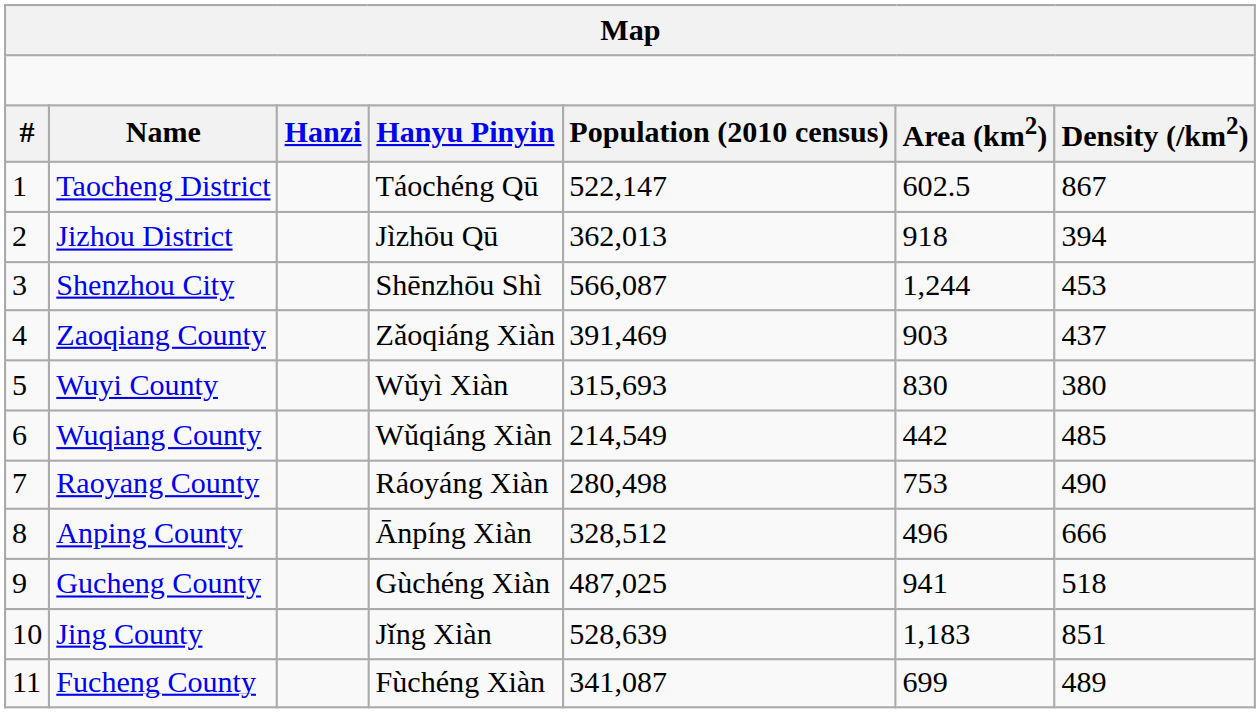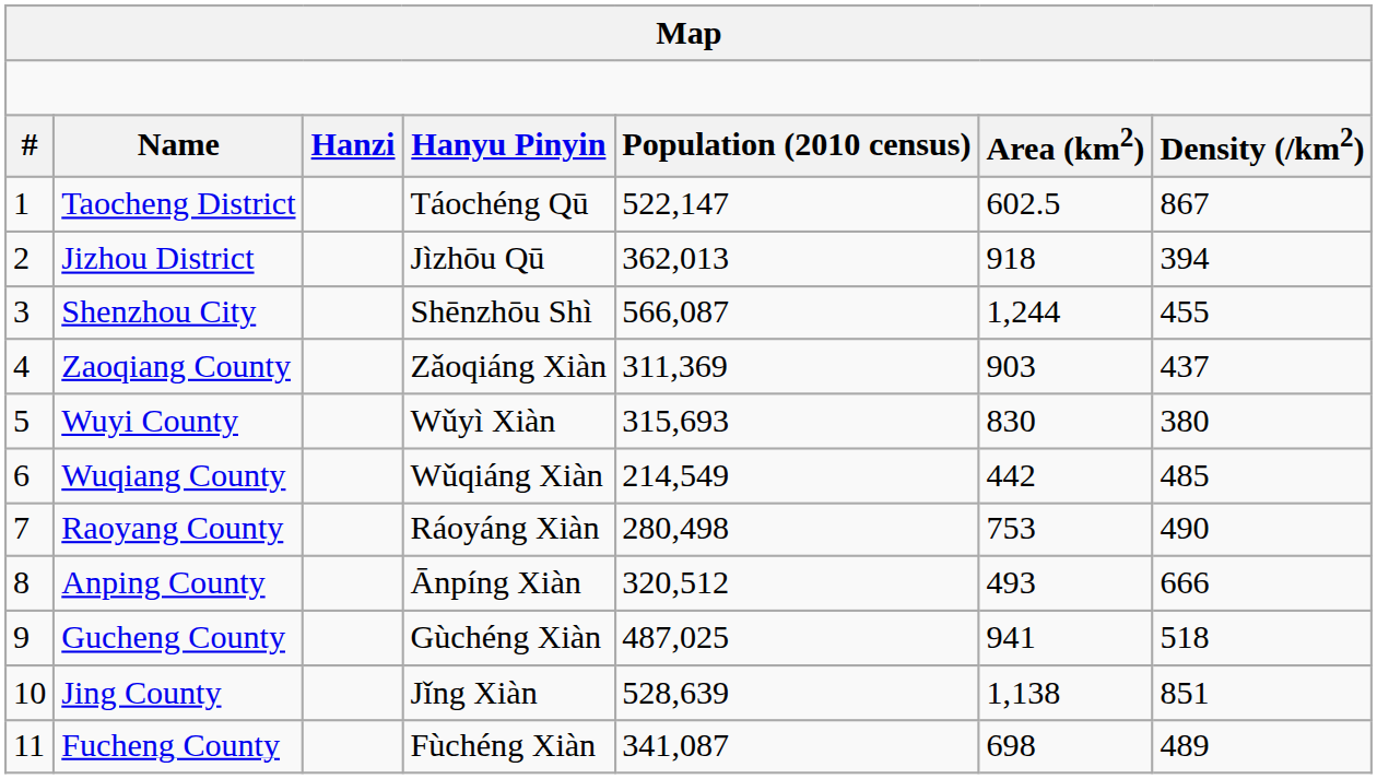 <table class="wikitable"  style="font-size:90%;" align=center>
 <tr>
 <th colspan="7" align="center">Map</th>
 </tr>
 <tr>
 <td colspan="7" align="center"><div><br>              </div></td>
 </tr>
 <tr>
 <th>#</th>
 <th>Name</th>
 <th><a href='#'>Hanzi</a></th>
 <th><a href='#'>Hanyu Pinyin</a></th>
 <th>Population (2010 census)</th>
 <th>Area (km<sup>2</sup>)</th>
 <th>Density (/km<sup>2</sup>)</th>
 </tr>
 <tr --------->
 <td>1</td>
 <td><a href='#'>Taocheng District</a></td>
 <td></td>
 <td>Táochéng Qū</td>
 <td>522,147</td>
 <td>602.5</td>
 <td>867</td>
 </tr>
 <tr --------->
 <td>2</td>
 <td><a href='#'>Jizhou District</a></td>
 <td></td>
 <td>Jìzhōu Qū</td>
 <td>362,013</td>
 <td>918</td>
 <td>394</td>
 </tr>
 <tr --------->
 <td>3</td>
 <td><a href='#'>Shenzhou City</a></td>
 <td></td>
 <td>Shēnzhōu Shì</td>
 <td>566,087</td>
 <td>1,244</td>
-<td>453</td>
+<td>455</td>
 </tr>
 <tr --------->
 <td>4</td>
 <td><a href='#'>Zaoqiang County</a></td>
 <td></td>
 <td>Zǎoqiáng Xiàn</td>
-<td>391,469</td>
+<td>311,369</td>
 <td>903</td>
 <td>437</td>
 </tr>
 <tr --------->
 <td>5</td>
 <td><a href='#'>Wuyi County</a></td>
 <td></td>
 <td>Wǔyì Xiàn</td>
 <td>315,693</td>
 <td>830</td>
 <td>380</td>
 </tr>
 <tr --------->
 <td>6</td>
 <td><a href='#'>Wuqiang County</a></td>
 <td></td>
 <td>Wǔqiáng Xiàn</td>
 <td>214,549</td>
 <td>442</td>
 <td>485</td>
 </tr>
 <tr --------->
 <td>7</td>
 <td><a href='#'>Raoyang County</a></td>
 <td></td>
 <td>Ráoyáng Xiàn</td>
 <td>280,498</td>
 <td>753</td>
 <td>490</td>
 </tr>
 <tr --------->
 <td>8</td>
 <td><a href='#'>Anping County</a></td>
 <td></td>
 <td>Ānpíng Xiàn</td>
-<td>328,512</td>
-<td>496</td>
+<td>320,512</td>
+<td>493</td>
 <td>666</td>
 </tr>
 <tr --------->
 <td>9</td>
 <td><a href='#'>Gucheng County</a></td>
 <td></td>
 <td>Gùchéng Xiàn</td>
 <td>487,025</td>
 <td>941</td>
 <td>518</td>
 </tr>
 <tr --------->
 <td>10</td>
 <td><a href='#'>Jing County</a></td>
 <td></td>
 <td>Jǐng Xiàn</td>
 <td>528,639</td>
-<td>1,183</td>
+<td>1,138</td>
 <td>851</td>
 </tr>
 <tr --------->
 <td>11</td>
 <td><a href='#'>Fucheng County</a></td>
 <td></td>
 <td>Fùchéng Xiàn</td>
 <td>341,087</td>
-<td>699</td>
+<td>698</td>
 <td>489</td>
 </tr>
 </table>
